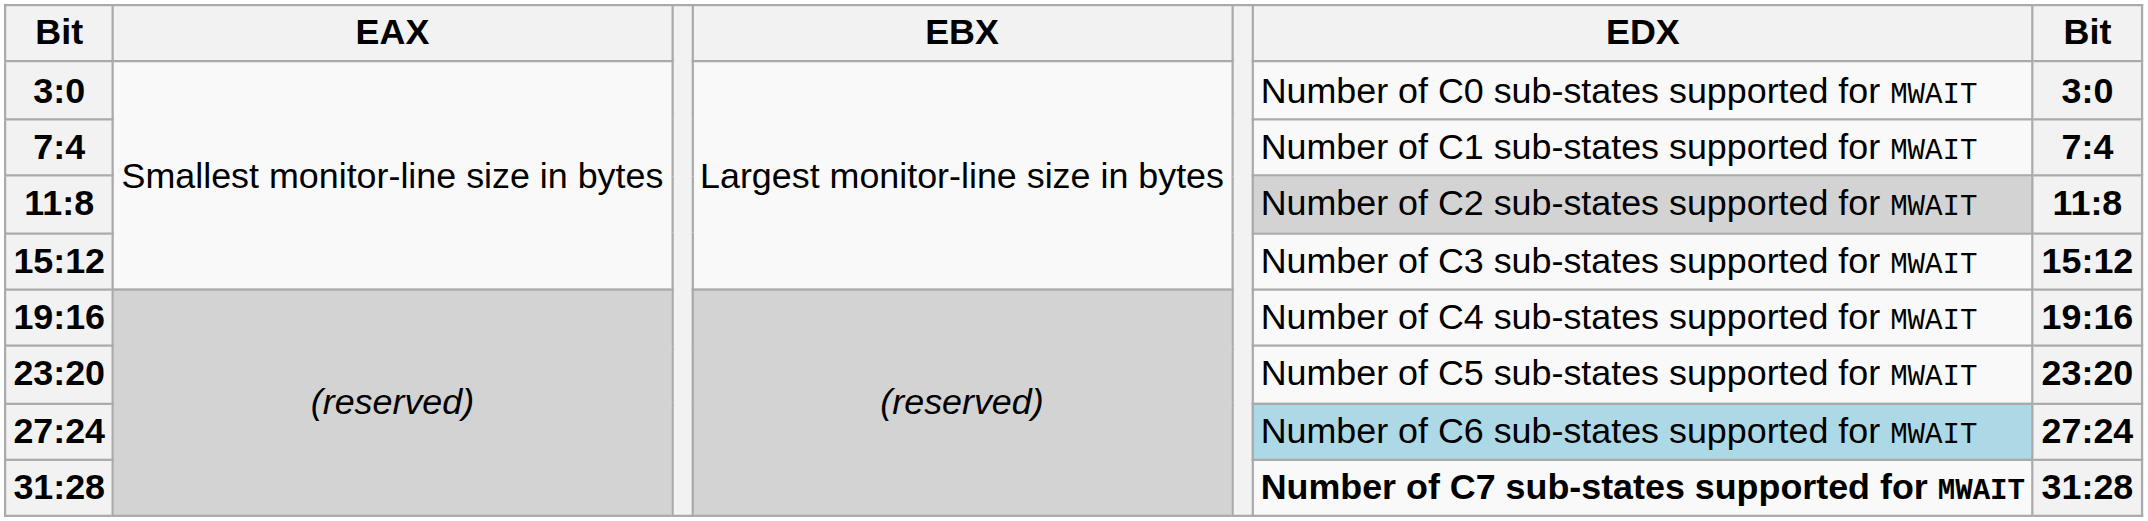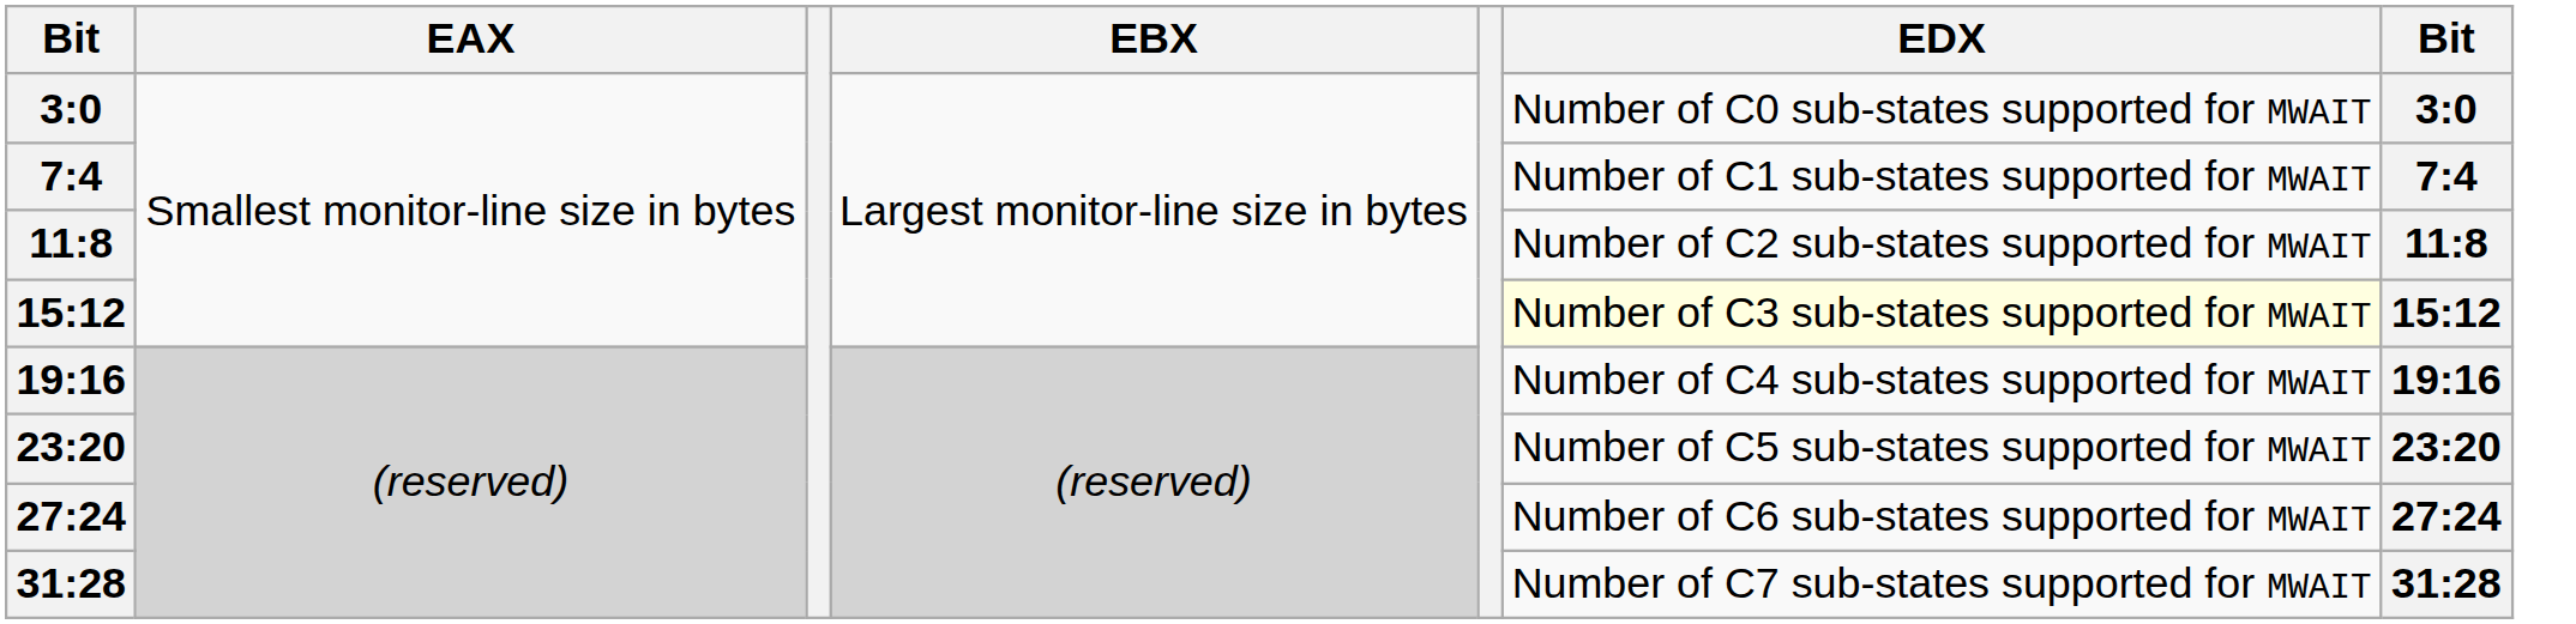 <table class="wikitable">
 <tr>
 <th>Bit</th>
 <th>EAX</th>
 <th scope="col" style="width: 0.5em; border-spacing:0; padding:0px" rowspan="9"></th>
 <th>EBX</th>
 <th scope="col" style="width: 0.5em; border-spacing:0; padding:0px" rowspan="9"></th>
 <th>EDX</th>
 <th>Bit</th>
 </tr>
 <tr>
 <th>3:0</th>
 <td rowspan="4">Smallest monitor-line size in bytes</td>
 <td rowspan="4">Largest monitor-line size in bytes</td>
 <td>Number of C0 sub-states supported for <code>MWAIT</code></td>
 <th>3:0</th>
 </tr>
 <tr>
 <th>7:4</th>
 <td>Number of C1 sub-states supported for <code>MWAIT</code></td>
 <th>7:4</th>
 </tr>
 <tr>
 <th>11:8</th>
-<td style="background: lightgrey;">Number of C2 sub-states supported for <code>MWAIT</code></td>
+<td>Number of C2 sub-states supported for <code>MWAIT</code></td>
 <th>11:8</th>
 </tr>
 <tr>
 <th>15:12</th>
-<td>Number of C3 sub-states supported for <code>MWAIT</code></td>
+<td style="background: lightyellow;">Number of C3 sub-states supported for <code>MWAIT</code></td>
 <th>15:12</th>
 </tr>
 <tr>
 <th>19:16</th>
 <td rowspan="4" style="text-align:center; background:lightgrey;"><em>(reserved)</em></td>
 <td rowspan="4" style="text-align:center; background:lightgrey;"><em>(reserved)</em></td>
 <td>Number of C4 sub-states supported for <code>MWAIT</code></td>
 <th>19:16</th>
 </tr>
 <tr>
 <th>23:20</th>
 <td>Number of C5 sub-states supported for <code>MWAIT</code></td>
 <th>23:20</th>
 </tr>
 <tr>
 <th>27:24</th>
-<td style="background: lightblue;">Number of C6 sub-states supported for <code>MWAIT</code></td>
+<td>Number of C6 sub-states supported for <code>MWAIT</code></td>
 <th>27:24</th>
 </tr>
 <tr>
 <th>31:28</th>
-<td><strong>Number of C7 sub-states supported for <code>MWAIT</code></strong></td>
+<td>Number of C7 sub-states supported for <code>MWAIT</code></td>
 <th>31:28</th>
 </tr>
 </table>
